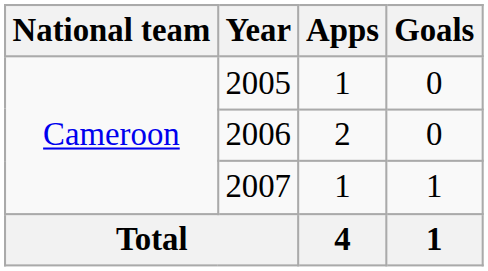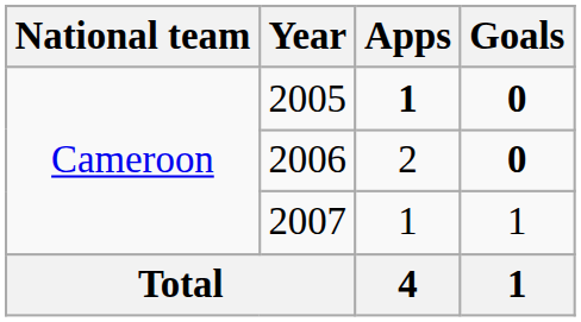 <table class="wikitable" style="text-align:center">
 <tr>
 <th>National team</th>
 <th>Year</th>
 <th>Apps</th>
 <th>Goals</th>
 </tr>
 <tr>
 <td rowspan="3"><a href='#'>Cameroon</a></td>
 <td>2005</td>
-<td>1</td>
-<td>0</td>
+<td><strong>1</strong></td>
+<td><strong>0</strong></td>
 </tr>
 <tr>
 <td>2006</td>
 <td>2</td>
-<td>0</td>
+<td><strong>0</strong></td>
 </tr>
 <tr>
 <td>2007</td>
 <td>1</td>
 <td>1</td>
 </tr>
 <tr>
 <th colspan="2">Total</th>
 <th>4</th>
 <th>1</th>
 </tr>
 </table>
